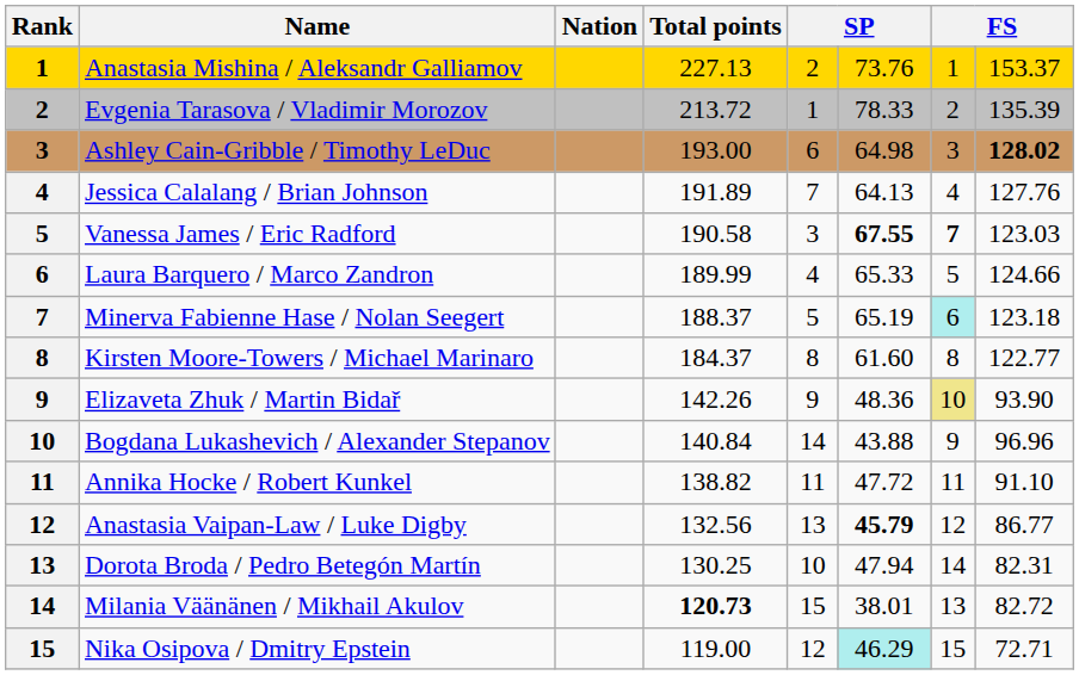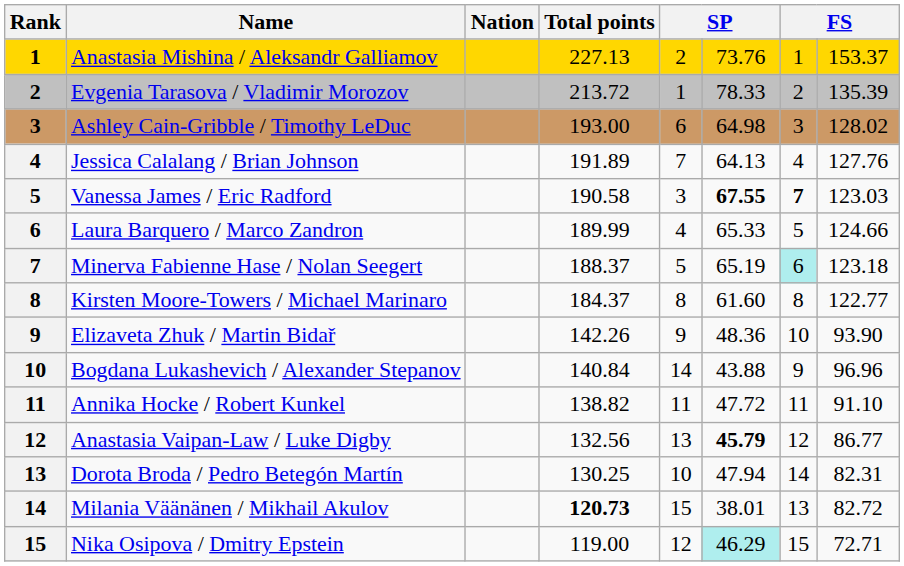 <table class="wikitable sortable">
 <tr>
 <th>Rank</th>
 <th>Name</th>
 <th>Nation</th>
 <th>Total points</th>
 <th colspan="2" width="80px"><a href='#'>SP</a></th>
 <th colspan="2" width="80px"><a href='#'>FS</a></th>
 </tr>
 <tr bgcolor="gold">
 <td align="center"><strong>1</strong></td>
 <td><a href='#'>Anastasia Mishina</a> / <a href='#'>Aleksandr Galliamov</a></td>
 <td></td>
 <td align="center">227.13</td>
 <td align="center">2</td>
 <td align="center">73.76</td>
 <td align="center">1</td>
 <td align="center">153.37</td>
 </tr>
 <tr bgcolor="silver">
 <td align="center"><strong>2</strong></td>
 <td><a href='#'>Evgenia Tarasova</a> / <a href='#'>Vladimir Morozov</a></td>
 <td></td>
 <td align="center">213.72</td>
 <td align="center">1</td>
 <td align="center">78.33</td>
 <td align="center">2</td>
 <td align="center">135.39</td>
 </tr>
 <tr bgcolor="cc9966">
 <td align="center"><strong>3</strong></td>
 <td><a href='#'>Ashley Cain-Gribble</a> / <a href='#'>Timothy LeDuc</a></td>
 <td></td>
 <td align="center">193.00</td>
 <td align="center">6</td>
 <td align="center">64.98</td>
 <td align="center">3</td>
-<td align="center"><strong>128.02</strong></td>
+<td align="center">128.02</td>
 </tr>
 <tr>
 <th>4</th>
 <td><a href='#'>Jessica Calalang</a> / <a href='#'>Brian Johnson</a></td>
 <td></td>
 <td align="center">191.89</td>
 <td align="center">7</td>
 <td align="center">64.13</td>
 <td align="center">4</td>
 <td align="center">127.76</td>
 </tr>
 <tr>
 <th>5</th>
 <td><a href='#'>Vanessa James</a> / <a href='#'>Eric Radford</a></td>
 <td></td>
 <td align="center">190.58</td>
 <td align="center">3</td>
 <td align="center"><strong>67.55</strong></td>
 <td align="center"><strong>7</strong></td>
 <td align="center">123.03</td>
 </tr>
 <tr>
 <th>6</th>
 <td><a href='#'>Laura Barquero</a> / <a href='#'>Marco Zandron</a></td>
 <td></td>
 <td align="center">189.99</td>
 <td align="center">4</td>
 <td align="center">65.33</td>
 <td align="center">5</td>
 <td align="center">124.66</td>
 </tr>
 <tr>
 <th>7</th>
 <td><a href='#'>Minerva Fabienne Hase</a> / <a href='#'>Nolan Seegert</a></td>
 <td></td>
 <td align="center">188.37</td>
 <td align="center">5</td>
 <td align="center">65.19</td>
 <td align="center" style="background: paleturquoise;">6</td>
 <td align="center">123.18</td>
 </tr>
 <tr>
 <th>8</th>
 <td><a href='#'>Kirsten Moore-Towers</a> / <a href='#'>Michael Marinaro</a></td>
 <td></td>
 <td align="center">184.37</td>
 <td align="center">8</td>
 <td align="center">61.60</td>
 <td align="center">8</td>
 <td align="center">122.77</td>
 </tr>
 <tr>
 <th>9</th>
 <td><a href='#'>Elizaveta Zhuk</a> / <a href='#'>Martin Bidař</a></td>
 <td></td>
 <td align="center">142.26</td>
 <td align="center">9</td>
 <td align="center">48.36</td>
-<td align="center" style="background: khaki;">10</td>
+<td align="center">10</td>
 <td align="center">93.90</td>
 </tr>
 <tr>
 <th>10</th>
 <td><a href='#'>Bogdana Lukashevich</a> / <a href='#'>Alexander Stepanov</a></td>
 <td></td>
 <td align="center">140.84</td>
 <td align="center">14</td>
 <td align="center">43.88</td>
 <td align="center">9</td>
 <td align="center">96.96</td>
 </tr>
 <tr>
 <th>11</th>
 <td><a href='#'>Annika Hocke</a> / <a href='#'>Robert Kunkel</a></td>
 <td></td>
 <td align="center">138.82</td>
 <td align="center">11</td>
 <td align="center">47.72</td>
 <td align="center">11</td>
 <td align="center">91.10</td>
 </tr>
 <tr>
 <th>12</th>
 <td><a href='#'>Anastasia Vaipan-Law</a> / <a href='#'>Luke Digby</a></td>
 <td></td>
 <td align="center">132.56</td>
 <td align="center">13</td>
 <td align="center"><strong>45.79</strong></td>
 <td align="center">12</td>
 <td align="center">86.77</td>
 </tr>
 <tr>
 <th>13</th>
 <td><a href='#'>Dorota Broda</a> / <a href='#'>Pedro Betegón Martín</a></td>
 <td></td>
 <td align="center">130.25</td>
 <td align="center">10</td>
 <td align="center">47.94</td>
 <td align="center">14</td>
 <td align="center">82.31</td>
 </tr>
 <tr>
 <th>14</th>
 <td><a href='#'>Milania Väänänen</a> / <a href='#'>Mikhail Akulov</a></td>
 <td></td>
 <td align="center"><strong>120.73</strong></td>
 <td align="center">15</td>
 <td align="center">38.01</td>
 <td align="center">13</td>
 <td align="center">82.72</td>
 </tr>
 <tr>
 <th>15</th>
 <td><a href='#'>Nika Osipova</a> / <a href='#'>Dmitry Epstein</a></td>
 <td></td>
 <td align="center">119.00</td>
 <td align="center">12</td>
 <td align="center" style="background: paleturquoise;">46.29</td>
 <td align="center">15</td>
 <td align="center">72.71</td>
 </tr>
 </table>
